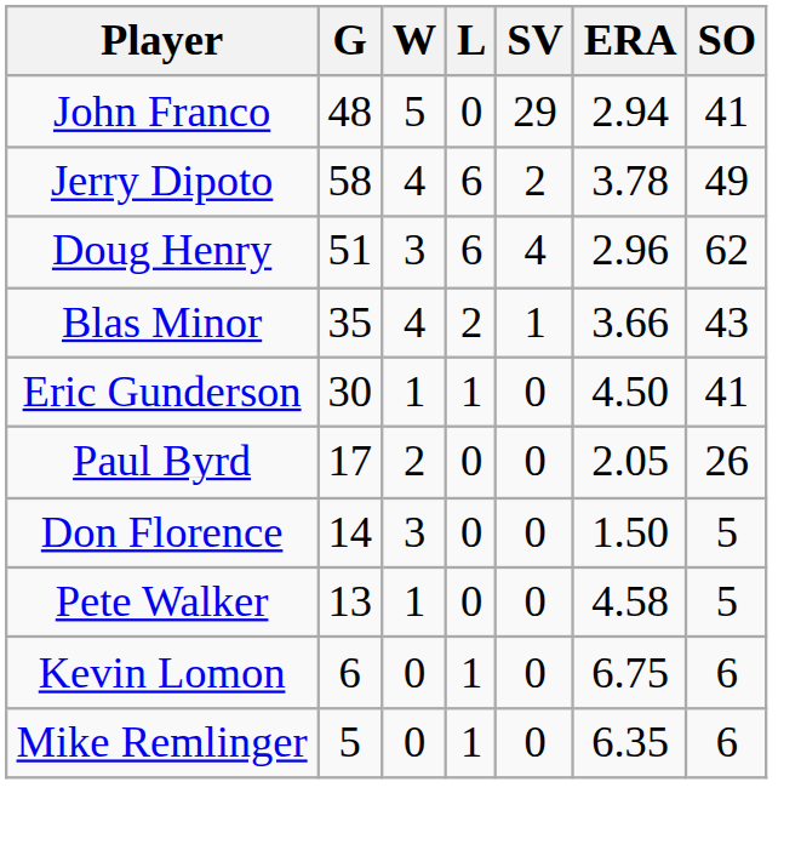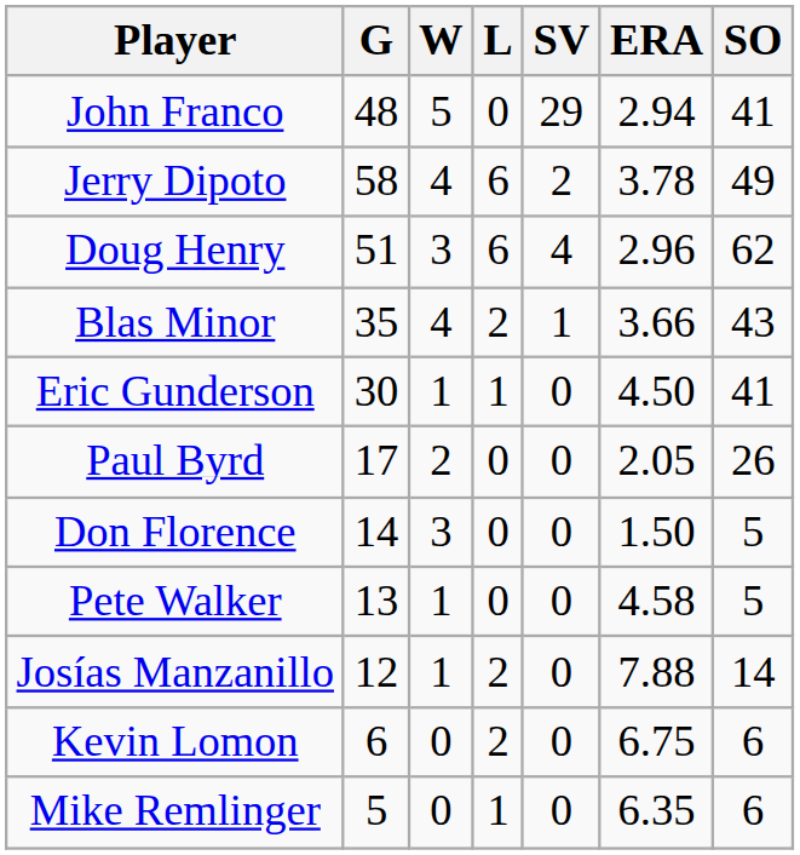 <table class="wikitable sortable">
 <tr>
 <th>Player</th>
 <th>G</th>
 <th>W</th>
 <th>L</th>
 <th>SV</th>
 <th>ERA</th>
 <th>SO</th>
 </tr>
 <tr align=center>
 <td><a href='#'>John Franco</a></td>
 <td>48</td>
 <td>5</td>
 <td>0</td>
 <td>29</td>
 <td>2.94</td>
 <td>41</td>
 </tr>
 <tr align=center>
 <td><a href='#'>Jerry Dipoto</a></td>
 <td>58</td>
 <td>4</td>
 <td>6</td>
 <td>2</td>
 <td>3.78</td>
 <td>49</td>
 </tr>
 <tr align=center>
 <td><a href='#'>Doug Henry</a></td>
 <td>51</td>
 <td>3</td>
 <td>6</td>
 <td>4</td>
 <td>2.96</td>
 <td>62</td>
 </tr>
 <tr align=center>
 <td><a href='#'>Blas Minor</a></td>
 <td>35</td>
 <td>4</td>
 <td>2</td>
 <td>1</td>
 <td>3.66</td>
 <td>43</td>
 </tr>
 <tr align=center>
 <td><a href='#'>Eric Gunderson</a></td>
 <td>30</td>
 <td>1</td>
 <td>1</td>
 <td>0</td>
 <td>4.50</td>
 <td>41</td>
 </tr>
 <tr align=center>
 <td><a href='#'>Paul Byrd</a></td>
 <td>17</td>
 <td>2</td>
 <td>0</td>
 <td>0</td>
 <td>2.05</td>
 <td>26</td>
 </tr>
 <tr align=center>
 <td><a href='#'>Don Florence</a></td>
 <td>14</td>
 <td>3</td>
 <td>0</td>
 <td>0</td>
 <td>1.50</td>
 <td>5</td>
 </tr>
 <tr align=center>
 <td><a href='#'>Pete Walker</a></td>
 <td>13</td>
 <td>1</td>
 <td>0</td>
 <td>0</td>
 <td>4.58</td>
 <td>5</td>
 </tr>
 <tr align=center>
+<td><a href='#'>Josías Manzanillo</a></td>
+<td>12</td>
+<td>1</td>
+<td>2</td>
+<td>0</td>
+<td>7.88</td>
+<td>14</td>
+</tr>
+<tr align=center>
 <td><a href='#'>Kevin Lomon</a></td>
 <td>6</td>
 <td>0</td>
-<td>1</td>
+<td>2</td>
 <td>0</td>
 <td>6.75</td>
 <td>6</td>
 </tr>
 <tr align=center>
 <td><a href='#'>Mike Remlinger</a></td>
 <td>5</td>
 <td>0</td>
 <td>1</td>
 <td>0</td>
 <td>6.35</td>
 <td>6</td>
 </tr>
 </table>
